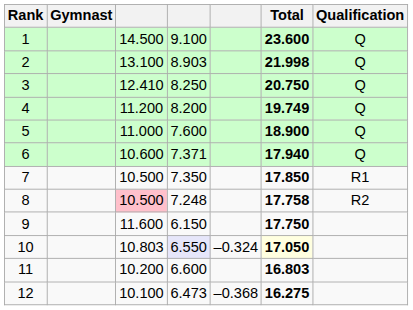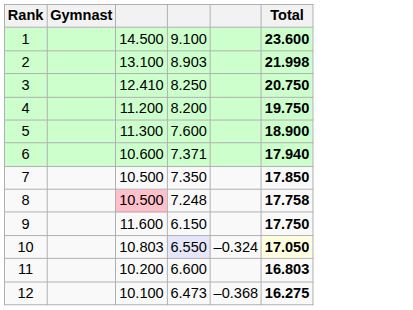 <table class="wikitable sortable" style="text-align:center">
 <tr>
 <th>Rank</th>
 <th>Gymnast</th>
 <th><small></small></th>
 <th><small></small></th>
 <th><small></small></th>
 <th>Total</th>
-<th>Qualification</th>
 </tr>
 <tr bgcolor=ccffcc>
 <td>1</td>
 <td align=left></td>
 <td>14.500</td>
 <td>9.100</td>
 <td></td>
 <td><strong>23.600</strong></td>
-<td>Q</td>
 </tr>
 <tr bgcolor=ccffcc>
 <td>2</td>
 <td align=left></td>
 <td>13.100</td>
 <td>8.903</td>
 <td></td>
 <td><strong>21.998</strong></td>
-<td>Q</td>
 </tr>
 <tr bgcolor=ccffcc>
 <td>3</td>
 <td align=left></td>
 <td>12.410</td>
 <td>8.250</td>
 <td></td>
 <td><strong>20.750</strong></td>
-<td>Q</td>
 </tr>
 <tr bgcolor=ccffcc>
 <td>4</td>
 <td align=left></td>
 <td>11.200</td>
 <td>8.200</td>
 <td></td>
-<td><strong>19.749</strong></td>
-<td>Q</td>
+<td><strong>19.750</strong></td>
 </tr>
 <tr bgcolor=ccffcc>
 <td>5</td>
 <td align=left></td>
-<td>11.000</td>
+<td>11.300</td>
 <td>7.600</td>
 <td></td>
 <td><strong>18.900</strong></td>
-<td>Q</td>
 </tr>
 <tr bgcolor=ccffcc>
 <td>6</td>
 <td align=left></td>
 <td>10.600</td>
 <td>7.371</td>
 <td></td>
 <td><strong>17.940</strong></td>
-<td>Q</td>
 </tr>
 <tr>
 <td>7</td>
 <td align=left></td>
 <td>10.500</td>
 <td>7.350</td>
 <td></td>
 <td><strong>17.850</strong></td>
-<td>R1</td>
 </tr>
 <tr>
 <td>8</td>
 <td align=left></td>
 <td style="background: pink;">10.500</td>
 <td>7.248</td>
 <td></td>
 <td><strong>17.758</strong></td>
-<td>R2</td>
 </tr>
 <tr>
 <td>9</td>
 <td align=left></td>
 <td>11.600</td>
 <td>6.150</td>
 <td></td>
 <td><strong>17.750</strong></td>
-<td></td>
 </tr>
 <tr>
 <td>10</td>
 <td align=left></td>
 <td>10.803</td>
 <td style="background: lavender;">6.550</td>
 <td>–0.324</td>
 <td style="background: lightyellow;"><strong>17.050</strong></td>
-<td></td>
 </tr>
 <tr>
 <td>11</td>
 <td align=left></td>
 <td>10.200</td>
 <td>6.600</td>
 <td></td>
 <td><strong>16.803</strong></td>
-<td></td>
 </tr>
 <tr>
 <td>12</td>
 <td align=left></td>
 <td>10.100</td>
 <td>6.473</td>
 <td>–0.368</td>
 <td><strong>16.275</strong></td>
-<td></td>
 </tr>
 </table>
